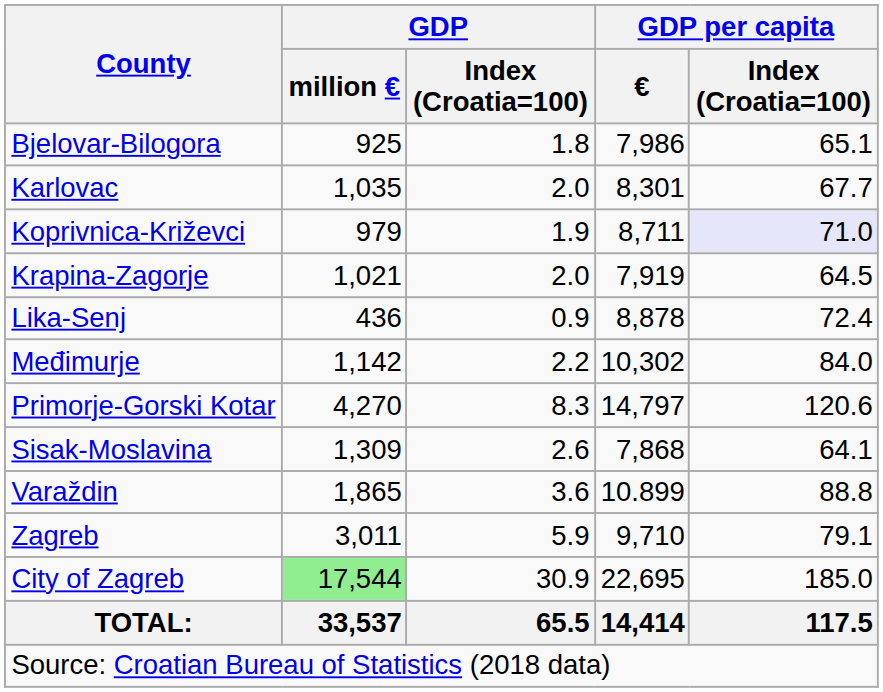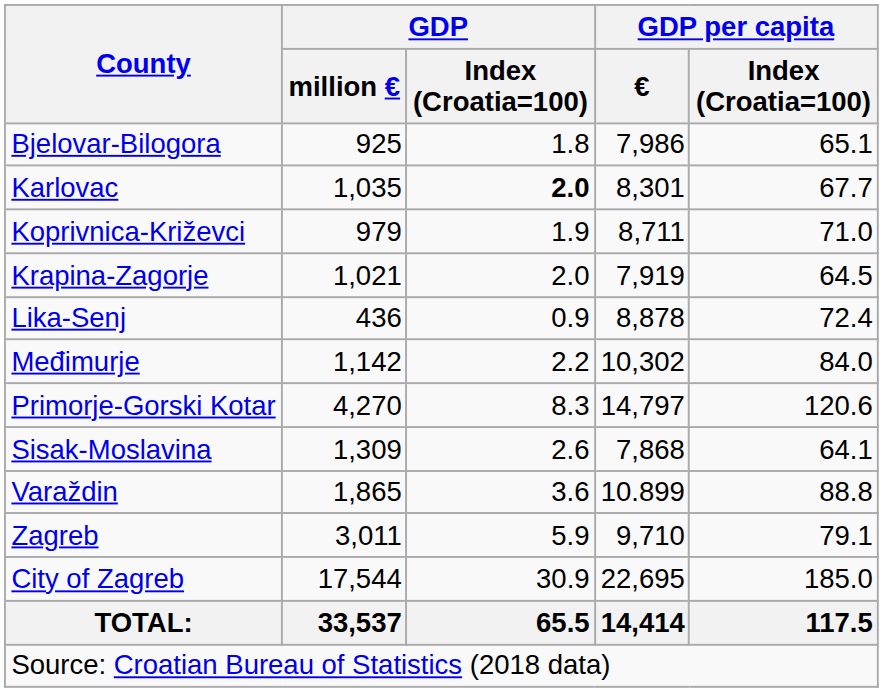 <table class="wikitable" style="margin-top:7px; margin-right:0; text-align:left; font-size:90%;">
 <tr style="font-size:100%; text-align:right;">
 <th rowspan=2><a href='#'>County</a></th>
 <th colspan=2><a href='#'>GDP</a></th>
 <th colspan=2><a href='#'>GDP per capita</a></th>
 </tr>
 <tr>
 <th>million <a href='#'>€</a></th>
 <th>Index<br>(Croatia=100)</th>
 <th>€</th>
 <th>Index<br>(Croatia=100)</th>
 </tr>
 <tr>
 <td><a href='#'>Bjelovar-Bilogora</a></td>
 <td style="text-align:right;padding-right:2px">925</td>
 <td style="text-align:right;padding-right:2px">1.8</td>
 <td style="text-align:right;padding-right:2px">7,986</td>
 <td style="text-align:right;padding-right:2px">65.1</td>
 </tr>
 <tr>
 <td><a href='#'>Karlovac</a></td>
 <td style="text-align:right;padding-right:2px">1,035</td>
-<td style="text-align:right;padding-right:2px">2.0</td>
+<td style="text-align:right;padding-right:2px"><strong>2.0</strong></td>
 <td style="text-align:right;padding-right:2px">8,301</td>
 <td style="text-align:right;padding-right:2px">67.7</td>
 </tr>
 <tr>
 <td><a href='#'>Koprivnica-Križevci</a></td>
 <td style="text-align:right;padding-right:2px">979</td>
 <td style="text-align:right;padding-right:2px">1.9</td>
 <td style="text-align:right;padding-right:2px">8,711</td>
-<td style="background: lavender; text-align:right;padding-right:2px">71.0</td>
+<td style="text-align:right;padding-right:2px">71.0</td>
 </tr>
 <tr>
 <td><a href='#'>Krapina-Zagorje</a></td>
 <td style="text-align:right;padding-right:2px">1,021</td>
 <td style="text-align:right;padding-right:2px">2.0</td>
 <td style="text-align:right;padding-right:2px">7,919</td>
 <td style="text-align:right;padding-right:2px">64.5</td>
 </tr>
 <tr>
 <td><a href='#'>Lika-Senj</a></td>
 <td style="text-align:right;padding-right:2px">436</td>
 <td style="text-align:right;padding-right:2px">0.9</td>
 <td style="text-align:right;padding-right:2px">8,878</td>
 <td style="text-align:right;padding-right:2px">72.4</td>
 </tr>
 <tr>
 <td><a href='#'>Međimurje</a></td>
 <td style="text-align:right;padding-right:2px">1,142</td>
 <td style="text-align:right;padding-right:2px">2.2</td>
 <td style="text-align:right;padding-right:2px">10,302</td>
 <td style="text-align:right;padding-right:2px">84.0</td>
 </tr>
 <tr>
 <td><a href='#'>Primorje-Gorski Kotar</a></td>
 <td style="text-align:right;padding-right:2px">4,270</td>
 <td style="text-align:right;padding-right:2px">8.3</td>
 <td style="text-align:right;padding-right:2px">14,797</td>
 <td style="text-align:right;padding-right:2px">120.6</td>
 </tr>
 <tr>
 <td><a href='#'>Sisak-Moslavina</a></td>
 <td style="text-align:right;padding-right:2px">1,309</td>
 <td style="text-align:right;padding-right:2px">2.6</td>
 <td style="text-align:right;padding-right:2px">7,868</td>
 <td style="text-align:right;padding-right:2px">64.1</td>
 </tr>
 <tr>
 <td><a href='#'>Varaždin</a></td>
 <td style="text-align:right;padding-right:2px">1,865</td>
 <td style="text-align:right;padding-right:2px">3.6</td>
 <td style="text-align:right;padding-right:2px">10.899</td>
 <td style="text-align:right;padding-right:2px">88.8</td>
 </tr>
 <tr>
 <td><a href='#'>Zagreb</a></td>
 <td style="text-align:right;padding-right:2px">3,011</td>
 <td style="text-align:right;padding-right:2px">5.9</td>
 <td style="text-align:right;padding-right:2px">9,710</td>
 <td style="text-align:right;padding-right:2px">79.1</td>
 </tr>
 <tr>
 <td><a href='#'>City of Zagreb</a></td>
-<td style="background: lightgreen; text-align:right;padding-right:2px">17,544</td>
+<td style="text-align:right;padding-right:2px">17,544</td>
 <td style="text-align:right;padding-right:2px">30.9</td>
 <td style="text-align:right;padding-right:2px">22,695</td>
 <td style="text-align:right;padding-right:2px">185.0</td>
 </tr>
 <tr>
 <th>TOTAL:</th>
 <th style="text-align:right;padding-right:2px">33,537</th>
 <th style="text-align:right;padding-right:2px">65.5</th>
 <th style="text-align:right;padding-right:2px">14,414</th>
 <th style="text-align:right;padding-right:2px">117.5</th>
 </tr>
 <tr>
 <td colspan=5>Source: <a href='#'>Croatian Bureau of Statistics</a> (2018 data)</td>
 </tr>
 </table>
